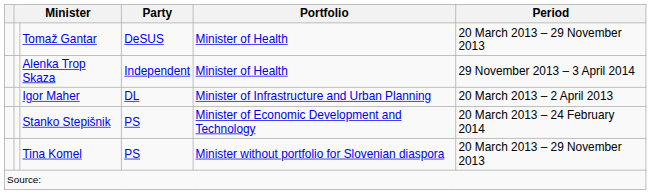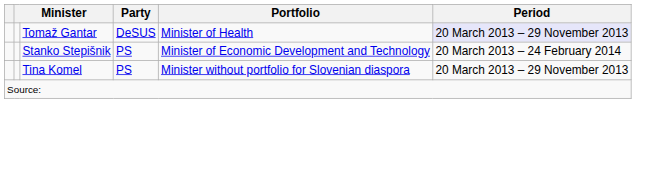 <table class="wikitable">
 <tr>
 <th colspan="1" width=6px></th>
 <th colspan="2">Minister</th>
 <th>Party</th>
 <th>Portfolio</th>
 <th>Period</th>
 </tr>
 <tr>
 <td style="background-color: "></td>
 <td></td>
 <td><a href='#'>Tomaž Gantar</a></td>
 <td><a href='#'>DeSUS</a></td>
 <td><a href='#'>Minister of Health</a></td>
-<td>20 March 2013 – 29 November 2013</td>
-</tr>
-<tr>
-<td style="background-color: "></td>
-<td></td>
-<td><a href='#'>Alenka Trop Skaza</a></td>
-<td><a href='#'>Independent</a></td>
-<td><a href='#'>Minister of Health</a></td>
-<td>29 November 2013 – 3 April 2014</td>
-</tr>
-<tr>
-<td style="background-color: "></td>
-<td></td>
-<td><a href='#'>Igor Maher</a></td>
-<td><a href='#'>DL</a></td>
-<td><a href='#'>Minister of Infrastructure and Urban Planning</a></td>
-<td>20 March 2013 – 2 April 2013</td>
+<td style="background: lavender;">20 March 2013 – 29 November 2013</td>
 </tr>
 <tr>
 <td style="background-color: "></td>
 <td></td>
 <td><a href='#'>Stanko Stepišnik</a></td>
 <td><a href='#'>PS</a></td>
 <td><a href='#'>Minister of Economic Development and Technology</a></td>
 <td>20 March 2013 – 24 February 2014</td>
 </tr>
 <tr>
 <td style="background-color: "></td>
 <td></td>
 <td><a href='#'>Tina Komel</a></td>
 <td><a href='#'>PS</a></td>
 <td><a href='#'>Minister without portfolio for Slovenian diaspora</a></td>
 <td>20 March 2013 – 29 November 2013</td>
 </tr>
 <tr>
 <td colspan=6><small>Source: </small></td>
 </tr>
 </table>
